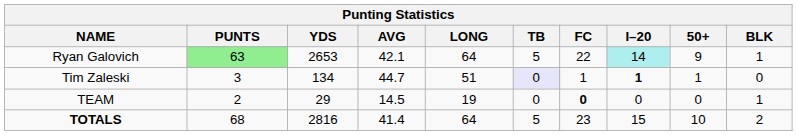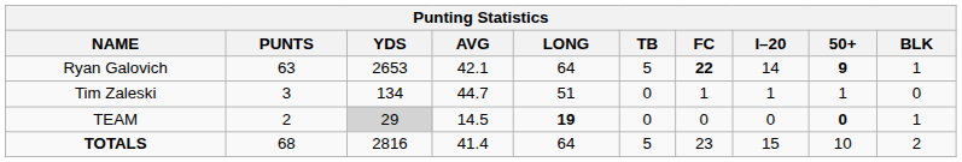 <table style="width:60%; text-align:center;" class="wikitable collapsible collapsed">
 <tr>
 <th colspan="12">Punting Statistics</th>
 </tr>
 <tr>
 <th>NAME</th>
 <th>PUNTS</th>
 <th>YDS</th>
 <th>AVG</th>
 <th>LONG</th>
 <th>TB</th>
 <th>FC</th>
 <th>I–20</th>
 <th>50+</th>
 <th>BLK</th>
 </tr>
 <tr>
 <td>Ryan Galovich</td>
-<td style="background: lightgreen;">63</td>
+<td>63</td>
 <td>2653</td>
 <td>42.1</td>
 <td>64</td>
 <td>5</td>
-<td>22</td>
-<td style="background: paleturquoise;">14</td>
-<td>9</td>
+<td><strong>22</strong></td>
+<td>14</td>
+<td><strong>9</strong></td>
 <td>1</td>
 </tr>
 <tr>
 <td>Tim Zaleski</td>
 <td>3</td>
 <td>134</td>
 <td>44.7</td>
 <td>51</td>
-<td style="background: lavender;">0</td>
+<td>0</td>
 <td>1</td>
-<td><strong>1</strong></td>
+<td>1</td>
 <td>1</td>
 <td>0</td>
 </tr>
 <tr>
 <td>TEAM</td>
 <td>2</td>
-<td>29</td>
+<td style="background: lightgrey;">29</td>
 <td>14.5</td>
-<td>19</td>
+<td><strong>19</strong></td>
+<td>0</td>
+<td>0</td>
 <td>0</td>
 <td><strong>0</strong></td>
-<td>0</td>
-<td>0</td>
 <td>1</td>
 </tr>
 <tr>
 <td><strong>TOTALS</strong></td>
 <td>68</td>
 <td>2816</td>
 <td>41.4</td>
 <td>64</td>
 <td>5</td>
 <td>23</td>
 <td>15</td>
 <td>10</td>
 <td>2</td>
 </tr>
 </table>
